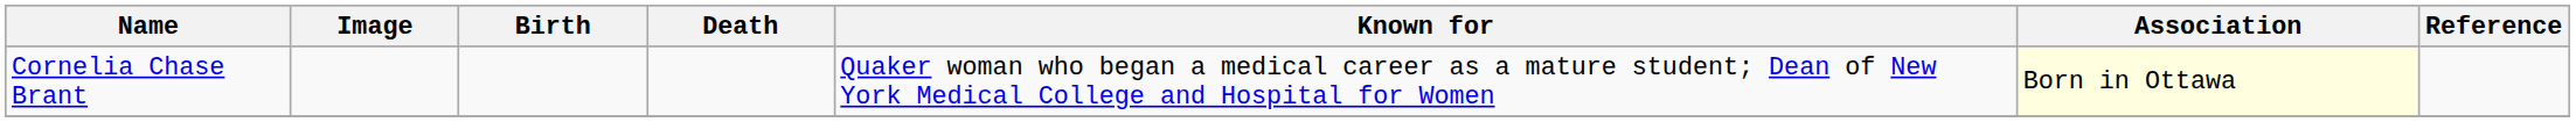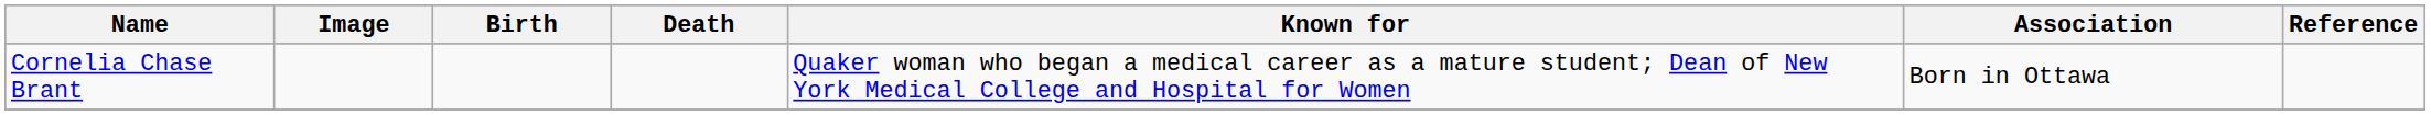 <table class="wikitable sortable">
 <tr>
 <th scope="col" width="140">Name</th>
 <th scope="col" width="80" class="unsortable">Image</th>
 <th scope="col" width="90">Birth</th>
 <th scope="col" width="90">Death</th>
 <th scope="col" width="600" class="unsortable">Known for</th>
 <th scope="col" width="200" class="unsortable">Association</th>
 <th scope="col" width="30" class="unsortable">Reference</th>
 </tr>
 <tr>
 <td><a href='#'>Cornelia Chase Brant</a></td>
 <td></td>
 <td align=right></td>
 <td align=right></td>
 <td><a href='#'>Quaker</a> woman who began a medical career as a mature student; <a href='#'>Dean</a> of <a href='#'>New York Medical College and Hospital for Women</a></td>
-<td style="background: lightyellow;">Born in Ottawa</td>
+<td>Born in Ottawa</td>
 <td></td>
 </tr>
 <tr>
 </tr>
 </table>
